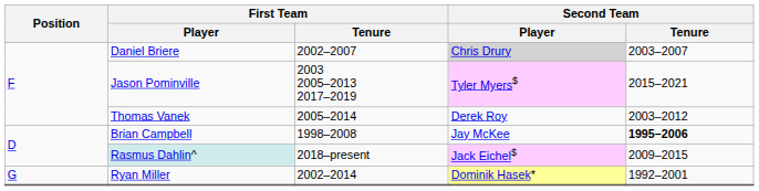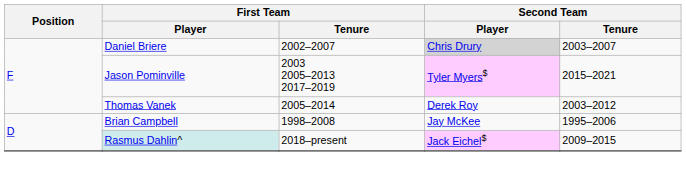 <table class="wikitable" style="width:80%">
 <tr>
 <th rowspan=2>Position</th>
 <th colspan=2>First Team</th>
 <th colspan=2>Second Team</th>
 </tr>
 <tr>
 <th>Player</th>
 <th>Tenure</th>
 <th>Player</th>
 <th>Tenure</th>
 </tr>
 <tr>
 <td rowspan="3"><a href='#'>F</a></td>
 <td><a href='#'>Daniel Briere</a></td>
 <td>2002–2007</td>
 <td style="background: lightgrey;"><a href='#'>Chris Drury</a></td>
 <td>2003–2007</td>
 </tr>
 <tr>
 <td><a href='#'>Jason Pominville</a></td>
 <td>2003<br>2005–2013<br>2017–2019</td>
 <td bgcolor="#FFCCFF"><a href='#'>Tyler Myers</a><sup>$</sup></td>
 <td>2015–2021</td>
 </tr>
 <tr>
 <td><a href='#'>Thomas Vanek</a></td>
 <td>2005–2014</td>
 <td><a href='#'>Derek Roy</a></td>
 <td>2003–2012</td>
 </tr>
 <tr>
 <td rowspan="2"><a href='#'>D</a></td>
 <td><a href='#'>Brian Campbell</a></td>
 <td>1998–2008</td>
 <td><a href='#'>Jay McKee</a></td>
-<td><strong>1995–2006</strong></td>
+<td>1995–2006</td>
 </tr>
 <tr>
 <td bgcolor="#CFECEC"><a href='#'>Rasmus Dahlin</a>^</td>
 <td>2018–present</td>
 <td bgcolor="#FFCCFF"><a href='#'>Jack Eichel</a><sup>$</sup></td>
 <td>2009–2015</td>
 </tr>
-<tr>
-<td><a href='#'>G</a></td>
-<td><a href='#'>Ryan Miller</a></td>
-<td>2002–2014</td>
-<td bgcolor="#FFFF99"><a href='#'>Dominik Hasek</a>*</td>
-<td>1992–2001</td>
-</tr>
 <tr style="border-top:2px solid black">
 </tr>
 </table>
